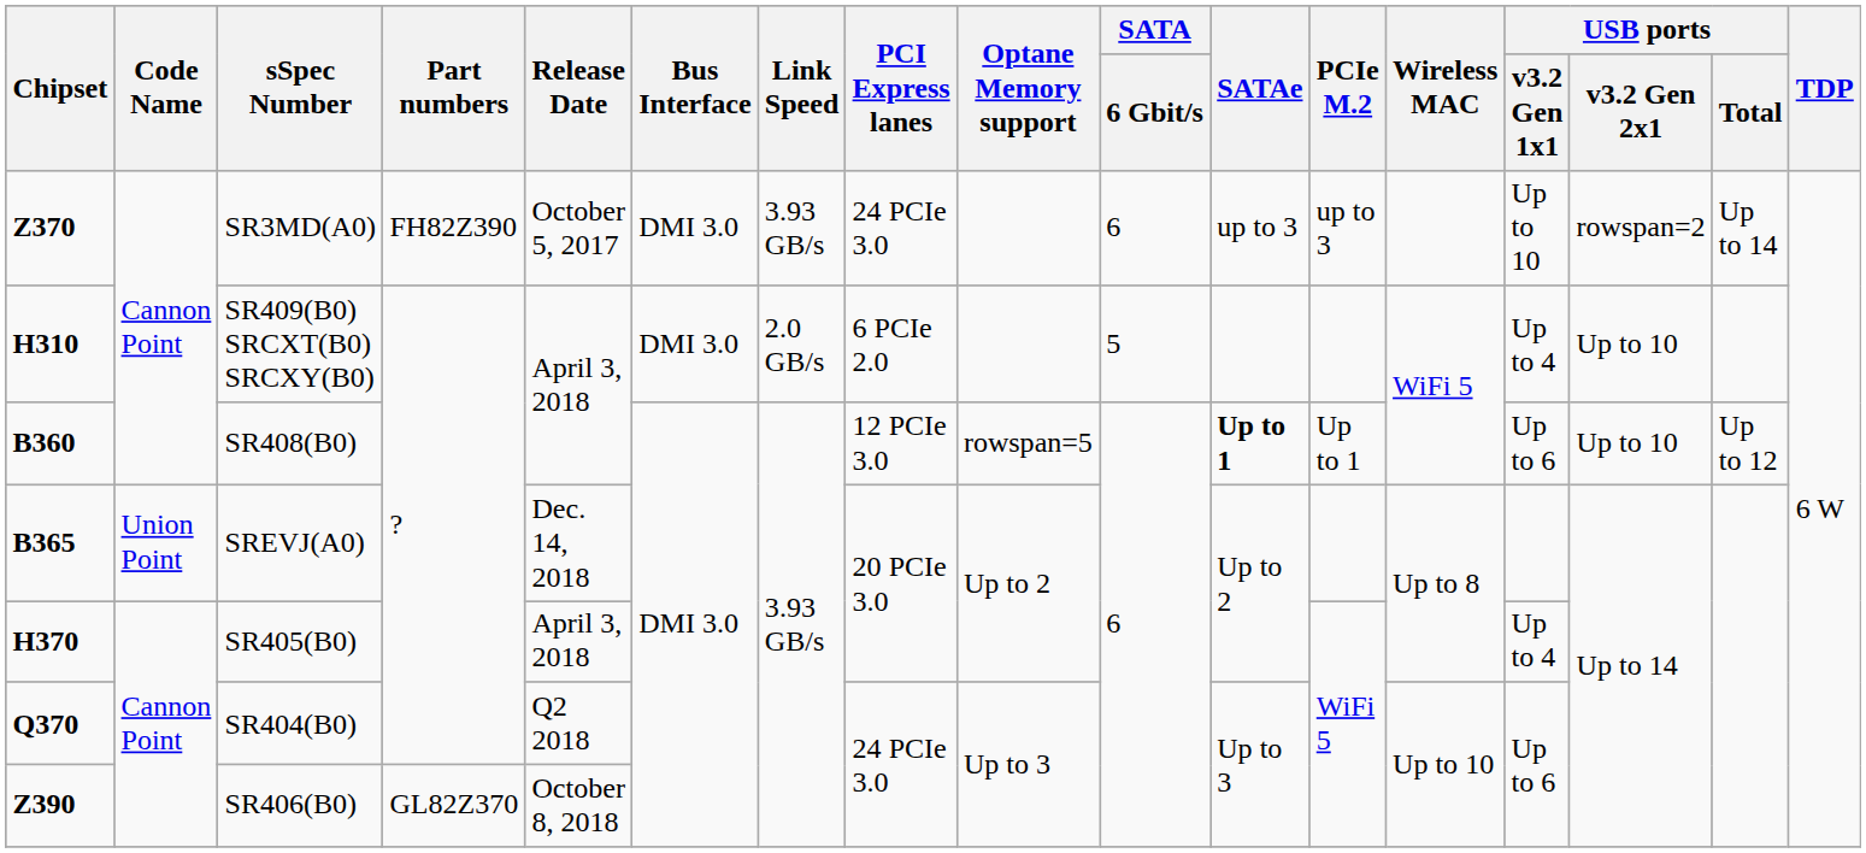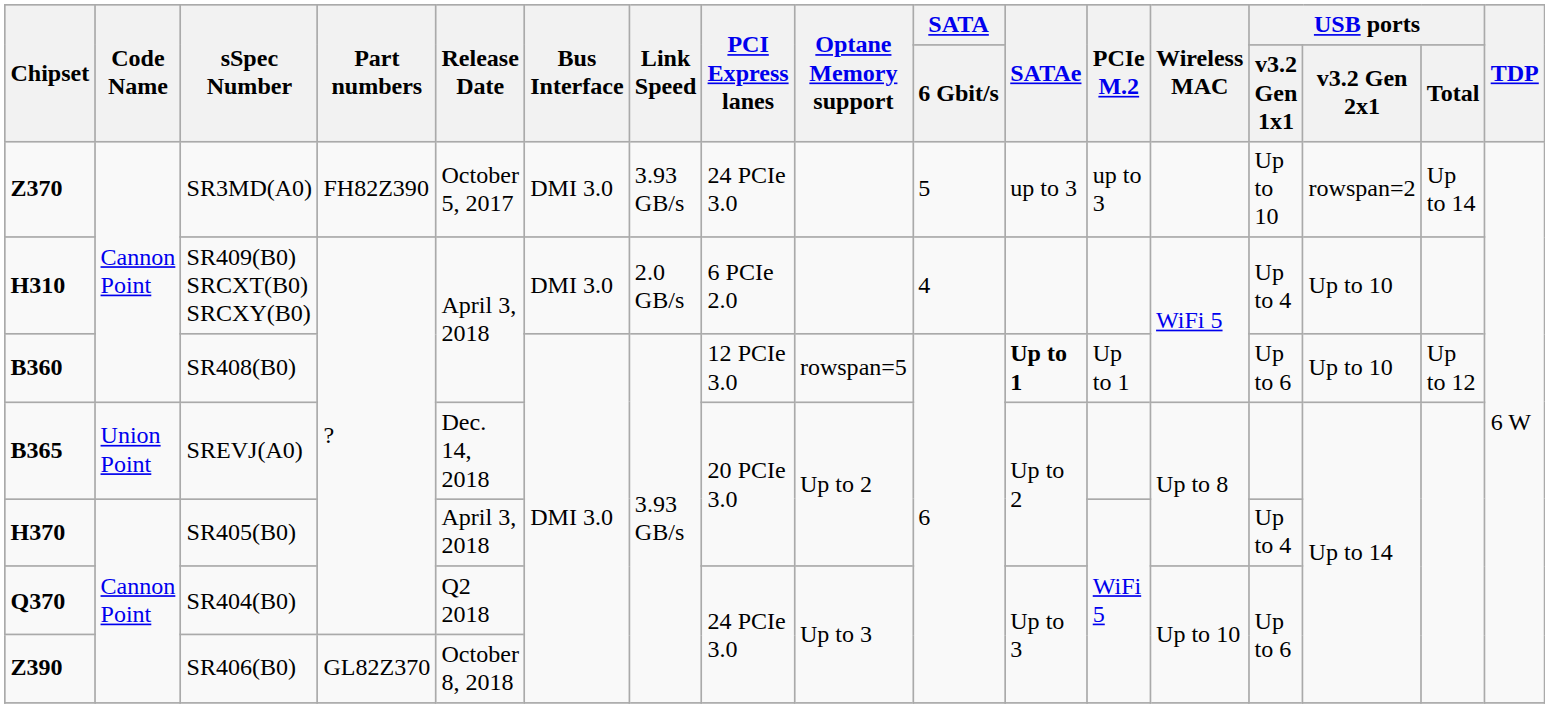 <table class="wikitable" style="font-size: 90%;">
 <tr>
 <th rowspan="2">Chipset</th>
 <th rowspan="2">Code<br>Name</th>
 <th rowspan="2">sSpec<br>Number</th>
 <th rowspan="2">Part<br>numbers</th>
 <th rowspan="2">Release Date</th>
 <th rowspan="2">Bus<br>Interface</th>
 <th rowspan="2">Link<br>Speed</th>
 <th rowspan="2"><a href='#'>PCI Express</a><br>lanes</th>
 <th rowspan="2"><a href='#'>Optane<br>Memory</a><br>support</th>
 <th><a href='#'>SATA</a></th>
 <th rowspan="2"><a href='#'>SATAe</a></th>
 <th rowspan="2">PCIe <a href='#'>M.2</a></th>
 <th rowspan="2">Wireless<br>MAC</th>
 <th colspan="3"><a href='#'>USB</a> ports</th>
 <th rowspan="2"><a href='#'>TDP</a></th>
 </tr>
 <tr>
 <th>6 Gbit/s</th>
 <th>v3.2 Gen 1x1</th>
 <th>v3.2 Gen 2x1</th>
 <th>Total</th>
 </tr>
 <tr>
 <td><strong>Z370</strong></td>
 <td rowspan="3"><a href='#'>Cannon Point</a></td>
 <td>SR3MD(A0)</td>
 <td>FH82Z390</td>
 <td>October 5, 2017</td>
 <td>DMI 3.0</td>
 <td>3.93 GB/s</td>
 <td>24 PCIe 3.0</td>
 <td></td>
-<td>6</td>
+<td>5</td>
 <td>up to 3</td>
 <td>up to 3</td>
 <td></td>
 <td>Up to 10</td>
 <td>rowspan=2 </td>
 <td>Up to 14</td>
 <td rowspan="7">6 W</td>
 </tr>
 <tr>
 <td><strong>H310</strong></td>
 <td>SR409(B0)<br>SRCXT(B0)<br>SRCXY(B0)</td>
 <td rowspan="5">?</td>
 <td rowspan=2>April 3, 2018</td>
 <td>DMI 3.0</td>
 <td>2.0 GB/s</td>
 <td>6 PCIe 2.0</td>
 <td></td>
-<td>5</td>
+<td>4</td>
 <td></td>
 <td></td>
 <td rowspan="2"><a href='#'>WiFi 5</a></td>
 <td>Up to 4</td>
 <td>Up to 10</td>
 </tr>
 <tr>
 <td><strong>B360</strong></td>
 <td>SR408(B0)</td>
 <td rowspan="5">DMI 3.0</td>
 <td rowspan="5">3.93 GB/s</td>
 <td>12 PCIe 3.0</td>
 <td>rowspan=5 </td>
 <td rowspan="5">6</td>
 <td><strong>Up to 1</strong></td>
 <td>Up to 1</td>
 <td>Up to 6</td>
 <td>Up to 10</td>
 <td>Up to 12</td>
 </tr>
 <tr>
 <td><strong>B365</strong></td>
 <td><a href='#'>Union Point</a></td>
 <td>SREVJ(A0)</td>
 <td>Dec. 14, 2018</td>
 <td rowspan=2>20 PCIe 3.0</td>
 <td rowspan=2>Up to 2</td>
 <td rowspan=2>Up to 2</td>
 <td></td>
 <td rowspan=2>Up to 8</td>
 <td></td>
 <td rowspan="4">Up to 14</td>
 </tr>
 <tr>
 <td><strong>H370</strong></td>
 <td rowspan="3"><a href='#'>Cannon Point</a></td>
 <td>SR405(B0)</td>
 <td>April 3, 2018</td>
 <td rowspan="3"><a href='#'>WiFi 5</a></td>
 <td>Up to 4</td>
 </tr>
 <tr>
 <td><strong>Q370</strong></td>
 <td>SR404(B0)</td>
 <td>Q2 2018</td>
 <td rowspan="2">24 PCIe 3.0</td>
 <td rowspan="2">Up to 3</td>
 <td rowspan="2">Up to 3</td>
 <td rowspan="2">Up to 10</td>
 <td rowspan="2">Up to 6</td>
 </tr>
 <tr>
 <td><strong>Z390</strong></td>
 <td>SR406(B0)</td>
 <td>GL82Z370</td>
 <td>October 8, 2018</td>
 </tr>
 </table>
